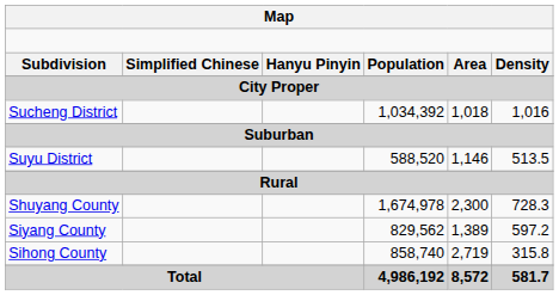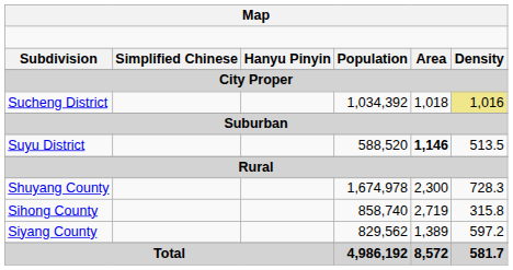 <table class="wikitable">
 <tr>
 <th colspan="6">Map</th>
 </tr>
 <tr>
 <td colspan="6"><div><br>          </div></td>
 </tr>
 <tr>
 <th align=left>Subdivision</th>
 <th align=left>Simplified Chinese</th>
 <th align=left>Hanyu Pinyin</th>
 <th align=left>Population </th>
 <th align=left>Area </th>
 <th align=left>Density </th>
 </tr>
 <tr>
 </tr>
 <tr style="background:#d3d3d3;">
 <td colspan="6" style="text-align:center; "><strong>City Proper</strong></td>
 </tr>
 <tr>
 <td align="left"><a href='#'>Sucheng District</a></td>
 <td align="left"></td>
 <td align="right"></td>
 <td align="right">1,034,392</td>
 <td align="right">1,018</td>
-<td align="right">1,016</td>
+<td align="right" style="background: khaki;">1,016</td>
 </tr>
 <tr>
 </tr>
 <tr style="background:#d3d3d3;">
 <td colspan="6" style="text-align:center; "><strong>Suburban</strong></td>
 </tr>
 <tr>
 <td align="left"><a href='#'>Suyu District</a></td>
 <td align="left"></td>
 <td align="right"></td>
 <td align="right">588,520</td>
-<td align="right">1,146</td>
+<td align="right"><strong>1,146</strong></td>
 <td align="right">513.5</td>
 </tr>
 <tr>
 </tr>
 <tr style="background:#d3d3d3;">
 <td colspan="6" style="text-align:center; "><strong>Rural</strong></td>
 </tr>
 <tr>
 <td align="left"><a href='#'>Shuyang County</a></td>
 <td align="left"></td>
 <td align="right"></td>
 <td align="right">1,674,978</td>
 <td align="right">2,300</td>
 <td align="right">728.3</td>
 </tr>
 <tr>
+<td align="left"><a href='#'>Sihong County</a></td>
+<td align="left"></td>
+<td align="right"></td>
+<td align="right">858,740</td>
+<td align="right">2,719</td>
+<td align="right">315.8</td>
+</tr>
+<tr>
 <td align="left"><a href='#'>Siyang County</a></td>
 <td align="left"></td>
 <td align="right"></td>
 <td align="right">829,562</td>
 <td align="right">1,389</td>
 <td align="right">597.2</td>
-</tr>
-<tr>
-<td align="left"><a href='#'>Sihong County</a></td>
-<td align="left"></td>
-<td align="right"></td>
-<td align="right">858,740</td>
-<td align="right">2,719</td>
-<td align="right">315.8</td>
 </tr>
 <tr>
 </tr>
 <tr>
 </tr>
 <tr style="background:#d3d3d3;">
 <td colspan="3" style="text-align:center; "><strong>Total</strong></td>
 <td align="right"><strong>4,986,192</strong></td>
 <td align="right"><strong>8,572</strong></td>
 <td align="right"><strong>581.7</strong></td>
 </tr>
 </table>
